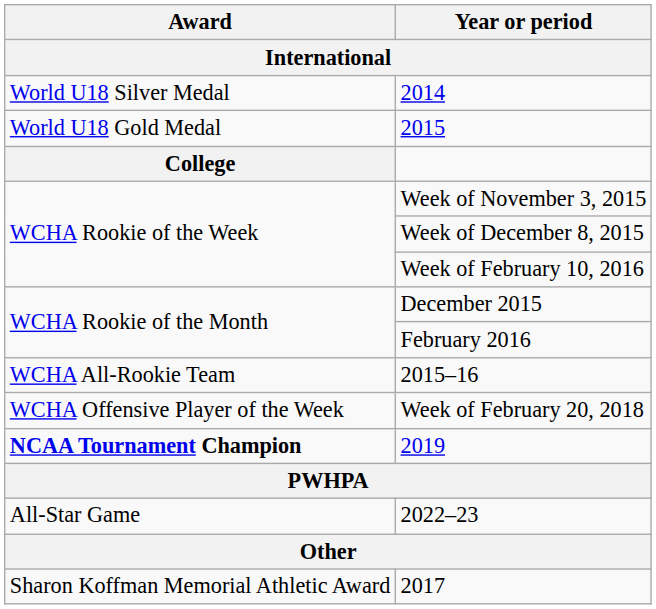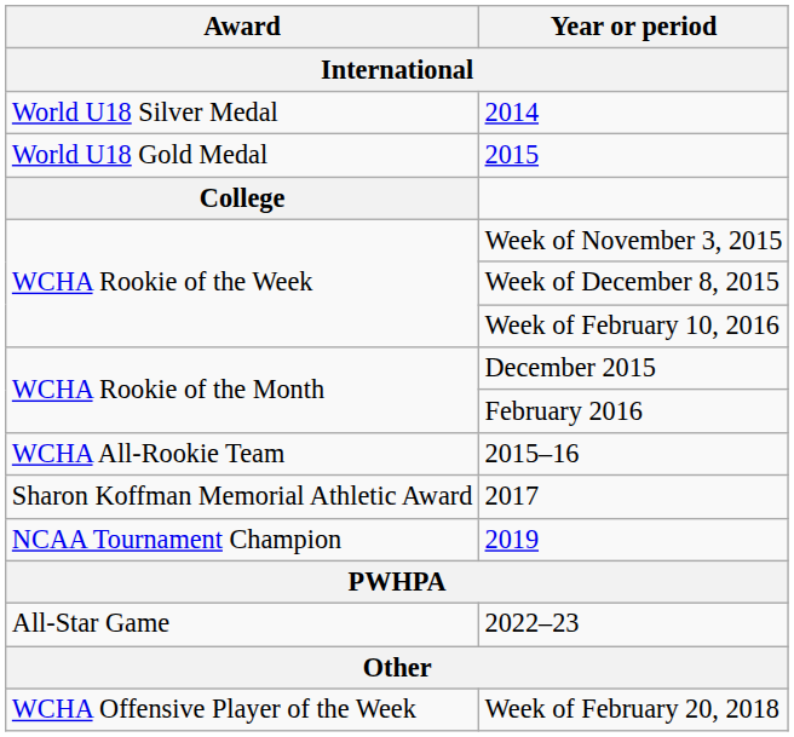 <table class="wikitable">
 <tr>
 <th>Award</th>
 <th>Year or period</th>
 </tr>
 <tr>
 <th colspan="2">International</th>
 </tr>
 <tr>
 <td><a href='#'>World U18</a> Silver Medal</td>
 <td><a href='#'>2014</a></td>
 </tr>
 <tr>
 <td><a href='#'>World U18</a> Gold Medal</td>
 <td><a href='#'>2015</a></td>
 </tr>
 <tr>
 <th>College</th>
 </tr>
 <tr>
 <td rowspan="3"><a href='#'>WCHA</a> Rookie of the Week</td>
 <td>Week of November 3, 2015</td>
 </tr>
 <tr>
 <td>Week of December 8, 2015</td>
 </tr>
 <tr>
 <td>Week of February 10, 2016</td>
 </tr>
 <tr>
 <td rowspan="2"><a href='#'>WCHA</a> Rookie of the Month</td>
 <td>December 2015</td>
 </tr>
 <tr>
 <td>February 2016</td>
 </tr>
 <tr>
 <td><a href='#'>WCHA</a> All-Rookie Team</td>
 <td>2015–16</td>
 </tr>
 <tr>
-<td><a href='#'>WCHA</a> Offensive Player of the Week</td>
-<td>Week of February 20, 2018</td>
+<td>Sharon Koffman Memorial Athletic Award</td>
+<td>2017</td>
 </tr>
 <tr>
-<td><strong><a href='#'>NCAA Tournament</a> Champion</strong></td>
+<td><a href='#'>NCAA Tournament</a> Champion</td>
 <td><a href='#'>2019</a></td>
 </tr>
 <tr>
 <th colspan="2">PWHPA</th>
 </tr>
 <tr>
 <td>All-Star Game</td>
 <td>2022–23</td>
 </tr>
 <tr>
 <th colspan="2">Other</th>
 </tr>
 <tr>
-<td>Sharon Koffman Memorial Athletic Award</td>
-<td>2017</td>
+<td><a href='#'>WCHA</a> Offensive Player of the Week</td>
+<td>Week of February 20, 2018</td>
 </tr>
 </table>
